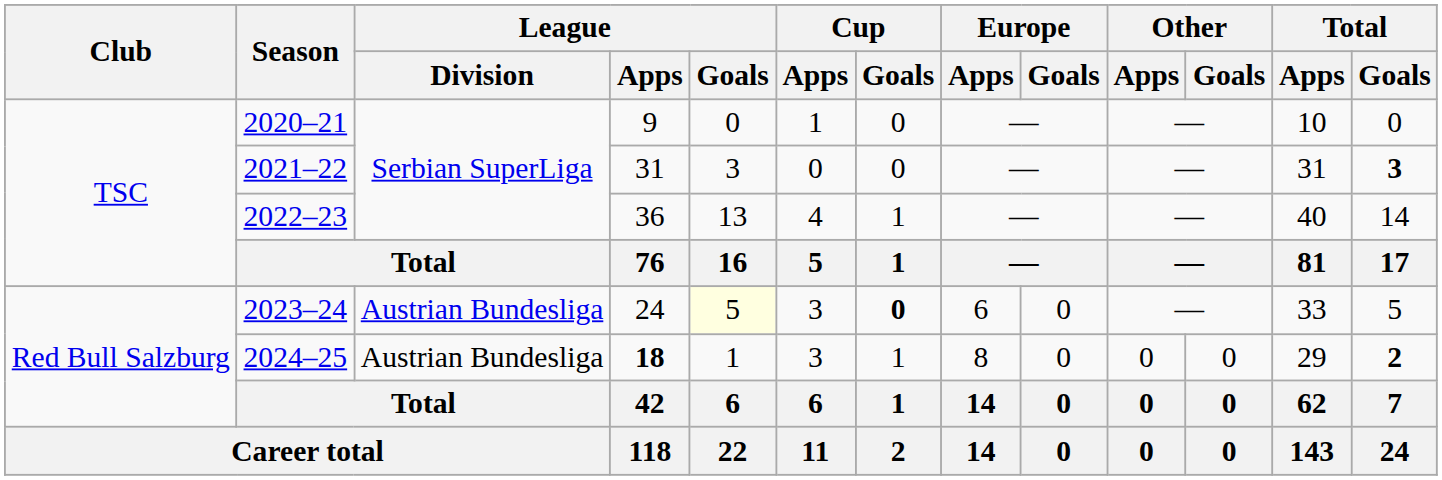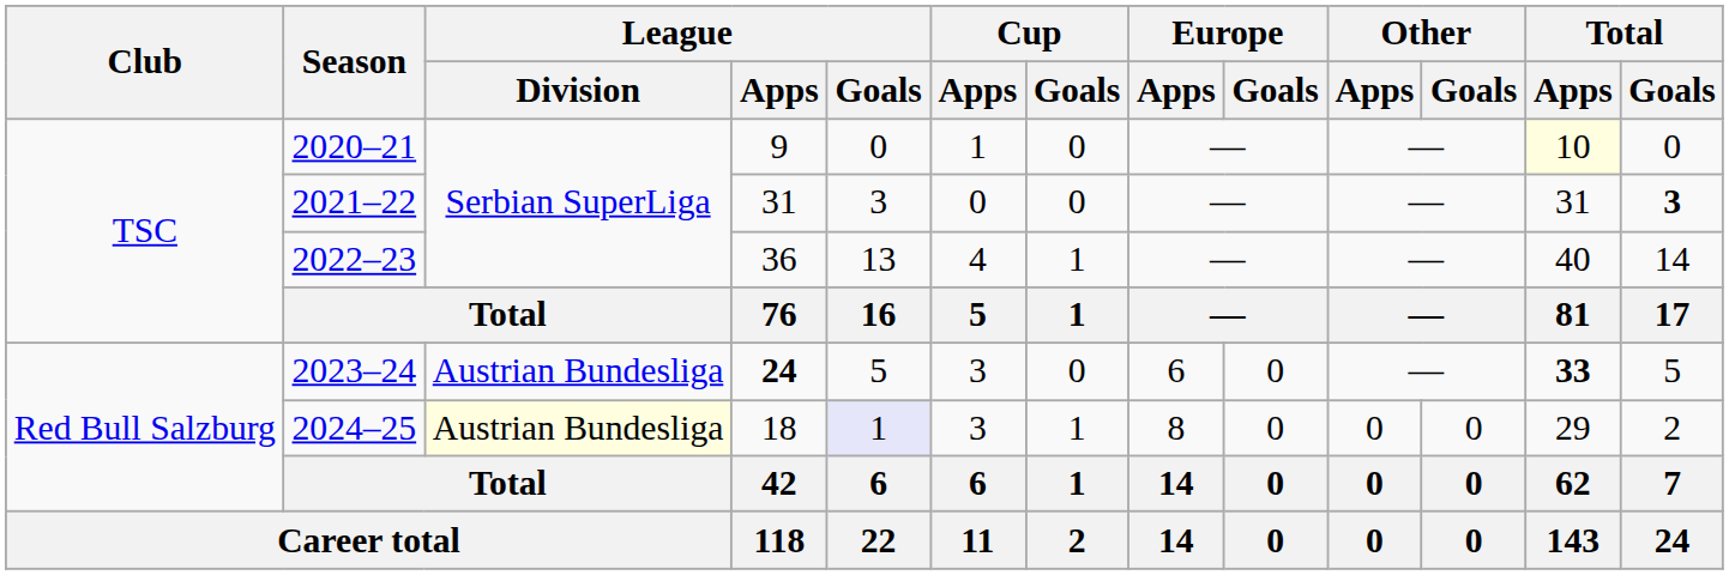 <table class="wikitable" Style="text-align: center">
 <tr>
 <th rowspan="2">Club</th>
 <th rowspan="2">Season</th>
 <th colspan="3">League</th>
 <th colspan="2">Cup</th>
 <th colspan="2">Europe</th>
 <th colspan="2">Other</th>
 <th colspan="2">Total</th>
 </tr>
 <tr>
 <th>Division</th>
 <th>Apps</th>
 <th>Goals</th>
 <th>Apps</th>
 <th>Goals</th>
 <th>Apps</th>
 <th>Goals</th>
 <th>Apps</th>
 <th>Goals</th>
 <th>Apps</th>
 <th>Goals</th>
 </tr>
 <tr>
 <td rowspan="4"><a href='#'>TSC</a></td>
 <td><a href='#'>2020–21</a></td>
 <td rowspan="3"><a href='#'>Serbian SuperLiga</a></td>
 <td>9</td>
 <td>0</td>
 <td>1</td>
 <td>0</td>
 <td colspan="2">—</td>
 <td colspan="2">—</td>
-<td>10</td>
+<td style="background: lightyellow;">10</td>
 <td>0</td>
 </tr>
 <tr>
 <td><a href='#'>2021–22</a></td>
 <td>31</td>
 <td>3</td>
 <td>0</td>
 <td>0</td>
 <td colspan="2">—</td>
 <td colspan="2">—</td>
 <td>31</td>
 <td><strong>3</strong></td>
 </tr>
 <tr>
 <td><a href='#'>2022–23</a></td>
 <td>36</td>
 <td>13</td>
 <td>4</td>
 <td>1</td>
 <td colspan="2">—</td>
 <td colspan="2">—</td>
 <td>40</td>
 <td>14</td>
 </tr>
 <tr>
 <th colspan="2">Total</th>
 <th>76</th>
 <th>16</th>
 <th>5</th>
 <th>1</th>
 <th colspan="2">—</th>
 <th colspan="2">—</th>
 <th>81</th>
 <th>17</th>
 </tr>
 <tr>
 <td rowspan="3"><a href='#'>Red Bull Salzburg</a></td>
 <td><a href='#'>2023–24</a></td>
 <td><a href='#'>Austrian Bundesliga</a></td>
-<td>24</td>
-<td style="background: lightyellow;">5</td>
+<td><strong>24</strong></td>
+<td>5</td>
 <td>3</td>
-<td><strong>0</strong></td>
+<td>0</td>
 <td>6</td>
 <td>0</td>
 <td colspan="2">—</td>
-<td>33</td>
+<td><strong>33</strong></td>
 <td>5</td>
 </tr>
 <tr>
 <td><a href='#'>2024–25</a></td>
-<td>Austrian Bundesliga</td>
-<td><strong>18</strong></td>
-<td>1</td>
+<td style="background: lightyellow;">Austrian Bundesliga</td>
+<td>18</td>
+<td style="background: lavender;">1</td>
 <td>3</td>
 <td>1</td>
 <td>8</td>
 <td>0</td>
 <td>0</td>
 <td>0</td>
 <td>29</td>
-<td><strong>2</strong></td>
+<td>2</td>
 </tr>
 <tr>
 <th colspan="2">Total</th>
 <th>42</th>
 <th>6</th>
 <th>6</th>
 <th>1</th>
 <th>14</th>
 <th>0</th>
 <th>0</th>
 <th>0</th>
 <th>62</th>
 <th>7</th>
 </tr>
 <tr>
 <th colspan="3">Career total</th>
 <th>118</th>
 <th>22</th>
 <th>11</th>
 <th>2</th>
 <th>14</th>
 <th>0</th>
 <th>0</th>
 <th>0</th>
 <th>143</th>
 <th>24</th>
 </tr>
 </table>
